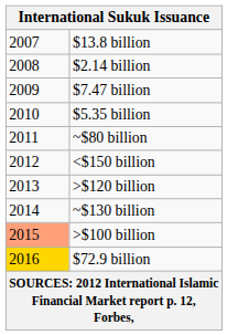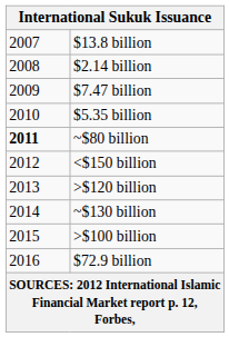 <table class="wikitable"  style="float: right;">
 <tr>
 <th colspan=2>International Sukuk Issuance</th>
 </tr>
 <tr>
 <td>2007</td>
 <td>$13.8 billion</td>
 </tr>
 <tr>
 <td>2008</td>
 <td>$2.14 billion</td>
 </tr>
 <tr>
 <td>2009</td>
 <td>$7.47 billion</td>
 </tr>
 <tr>
 <td>2010</td>
 <td>$5.35 billion</td>
 </tr>
 <tr>
-<td>2011</td>
+<td><strong>2011</strong></td>
 <td>~$80 billion</td>
 </tr>
 <tr>
 <td>2012</td>
 <td><$150 billion</td>
 </tr>
 <tr>
 <td>2013</td>
 <td>>$120 billion</td>
 </tr>
 <tr>
 <td>2014</td>
 <td>~$130 billion</td>
 </tr>
 <tr>
-<td style="background: lightsalmon;">2015</td>
+<td>2015</td>
 <td>>$100 billion</td>
 </tr>
 <tr>
-<td style="background: gold;">2016</td>
+<td>2016</td>
 <td>$72.9 billion</td>
 </tr>
 <tr>
 <th colspan=2><small>SOURCES: 2012 International Islamic <br>Financial Market report p. 12, <br>Forbes,</small></th>
 </tr>
 </table>
